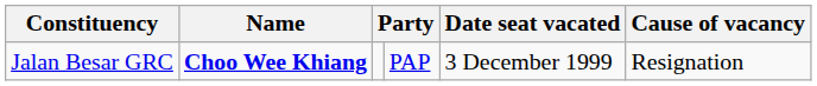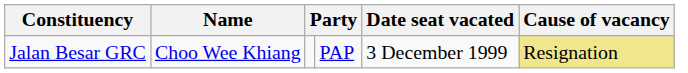 <table class="wikitable" border="1">
 <tr>
 <th>Constituency</th>
 <th>Name</th>
 <th colspan="2">Party</th>
 <th>Date seat vacated</th>
 <th>Cause of vacancy</th>
 </tr>
 <tr>
 <td><a href='#'>Jalan Besar GRC</a></td>
-<td><strong><a href='#'>Choo Wee Khiang</a></strong></td>
+<td><a href='#'>Choo Wee Khiang</a></td>
 <td></td>
 <td><a href='#'>PAP</a></td>
 <td>3 December 1999</td>
-<td>Resignation</td>
+<td style="background: khaki;">Resignation</td>
 </tr>
 </table>
